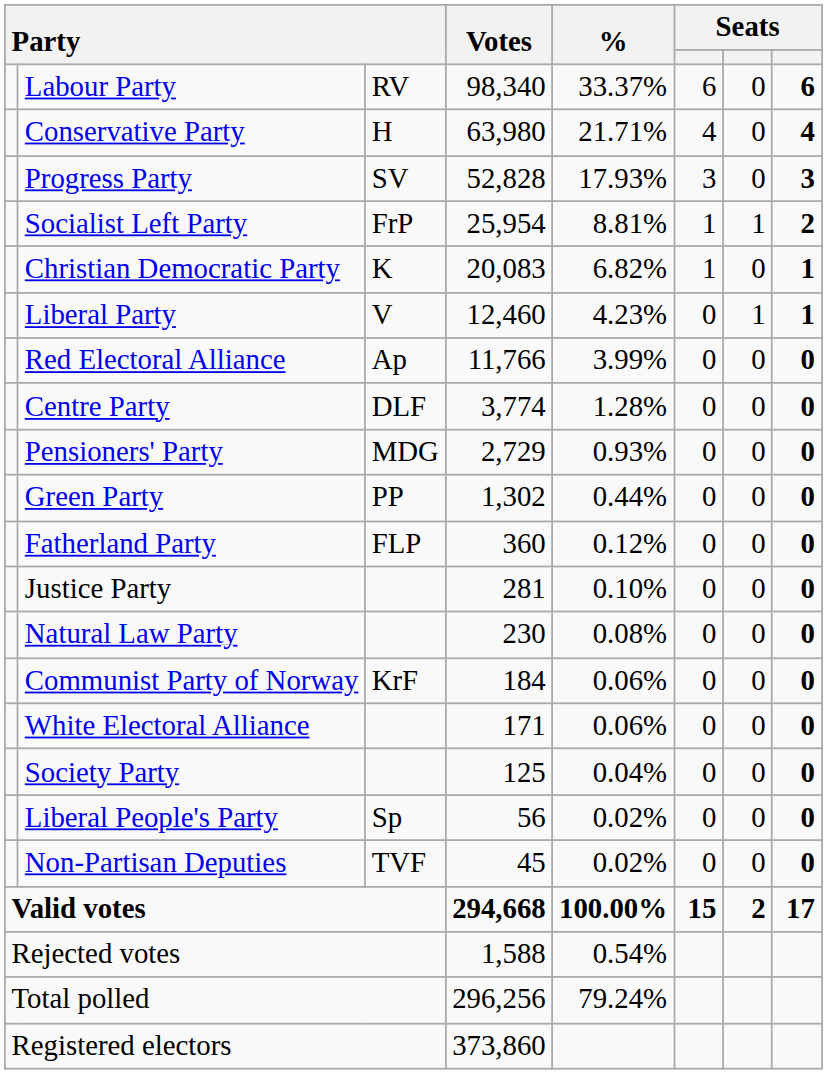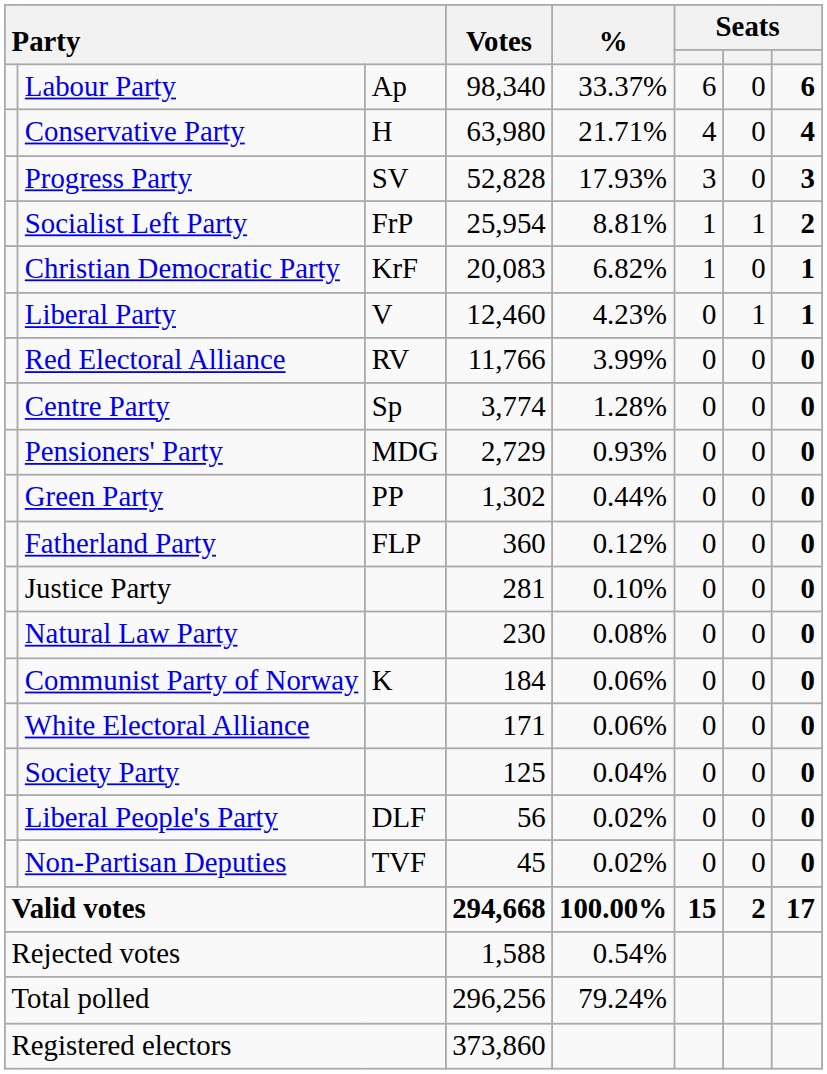 <table class="wikitable" border="1" style="text-align:right;">
 <tr>
 <th style="text-align:left;" valign=bottom rowspan=2 colspan=3>Party</th>
 <th align=center valign=bottom rowspan=2 width="50">Votes</th>
 <th align=center valign=bottom rowspan=2 width="50">%</th>
 <th colspan=3>Seats</th>
 </tr>
 <tr>
 <th align=center valign=bottom width="20"><small></small></th>
 <th align=center valign=bottom width="20"><small><a href='#'></a></small></th>
 <th align=center valign=bottom width="20"><small></small></th>
 </tr>
 <tr>
 <td style="color:inherit;background:"></td>
 <td align=left><a href='#'>Labour Party</a></td>
-<td align=left>RV</td>
+<td align=left>Ap</td>
 <td>98,340</td>
 <td>33.37%</td>
 <td>6</td>
 <td>0</td>
 <td><strong>6</strong></td>
 </tr>
 <tr>
 <td style="color:inherit;background:"></td>
 <td align=left><a href='#'>Conservative Party</a></td>
 <td align=left>H</td>
 <td>63,980</td>
 <td>21.71%</td>
 <td>4</td>
 <td>0</td>
 <td><strong>4</strong></td>
 </tr>
 <tr>
 <td style="color:inherit;background:"></td>
 <td align=left><a href='#'>Progress Party</a></td>
 <td align=left>SV</td>
 <td>52,828</td>
 <td>17.93%</td>
 <td>3</td>
 <td>0</td>
 <td><strong>3</strong></td>
 </tr>
 <tr>
 <td style="color:inherit;background:"></td>
 <td align=left><a href='#'>Socialist Left Party</a></td>
 <td align=left>FrP</td>
 <td>25,954</td>
 <td>8.81%</td>
 <td>1</td>
 <td>1</td>
 <td><strong>2</strong></td>
 </tr>
 <tr>
 <td style="color:inherit;background:"></td>
 <td align=left><a href='#'>Christian Democratic Party</a></td>
-<td align=left>K</td>
+<td align=left>KrF</td>
 <td>20,083</td>
 <td>6.82%</td>
 <td>1</td>
 <td>0</td>
 <td><strong>1</strong></td>
 </tr>
 <tr>
 <td style="color:inherit;background:"></td>
 <td align=left><a href='#'>Liberal Party</a></td>
 <td align=left>V</td>
 <td>12,460</td>
 <td>4.23%</td>
 <td>0</td>
 <td>1</td>
 <td><strong>1</strong></td>
 </tr>
 <tr>
 <td style="color:inherit;background:"></td>
 <td align=left><a href='#'>Red Electoral Alliance</a></td>
-<td align=left>Ap</td>
+<td align=left>RV</td>
 <td>11,766</td>
 <td>3.99%</td>
 <td>0</td>
 <td>0</td>
 <td><strong>0</strong></td>
 </tr>
 <tr>
 <td style="color:inherit;background:"></td>
 <td align=left><a href='#'>Centre Party</a></td>
-<td align=left>DLF</td>
+<td align=left>Sp</td>
 <td>3,774</td>
 <td>1.28%</td>
 <td>0</td>
 <td>0</td>
 <td><strong>0</strong></td>
 </tr>
 <tr>
 <td style="color:inherit;background:"></td>
 <td align=left><a href='#'>Pensioners' Party</a></td>
 <td align=left>MDG</td>
 <td>2,729</td>
 <td>0.93%</td>
 <td>0</td>
 <td>0</td>
 <td><strong>0</strong></td>
 </tr>
 <tr>
 <td style="color:inherit;background:"></td>
 <td align=left><a href='#'>Green Party</a></td>
 <td align=left>PP</td>
 <td>1,302</td>
 <td>0.44%</td>
 <td>0</td>
 <td>0</td>
 <td><strong>0</strong></td>
 </tr>
 <tr>
 <td style="color:inherit;background:"></td>
 <td align=left><a href='#'>Fatherland Party</a></td>
 <td align=left>FLP</td>
 <td>360</td>
 <td>0.12%</td>
 <td>0</td>
 <td>0</td>
 <td><strong>0</strong></td>
 </tr>
 <tr>
 <td></td>
 <td align=left>Justice Party</td>
 <td align=left></td>
 <td>281</td>
 <td>0.10%</td>
 <td>0</td>
 <td>0</td>
 <td><strong>0</strong></td>
 </tr>
 <tr>
 <td></td>
 <td align=left><a href='#'>Natural Law Party</a></td>
 <td align=left></td>
 <td>230</td>
 <td>0.08%</td>
 <td>0</td>
 <td>0</td>
 <td><strong>0</strong></td>
 </tr>
 <tr>
 <td style="color:inherit;background:"></td>
 <td align=left><a href='#'>Communist Party of Norway</a></td>
-<td align=left>KrF</td>
+<td align=left>K</td>
 <td>184</td>
 <td>0.06%</td>
 <td>0</td>
 <td>0</td>
 <td><strong>0</strong></td>
 </tr>
 <tr>
 <td style="color:inherit;background:"></td>
 <td align=left><a href='#'>White Electoral Alliance</a></td>
 <td align=left></td>
 <td>171</td>
 <td>0.06%</td>
 <td>0</td>
 <td>0</td>
 <td><strong>0</strong></td>
 </tr>
 <tr>
 <td style="color:inherit;background:"></td>
 <td align=left><a href='#'>Society Party</a></td>
 <td align=left></td>
 <td>125</td>
 <td>0.04%</td>
 <td>0</td>
 <td>0</td>
 <td><strong>0</strong></td>
 </tr>
 <tr>
 <td style="color:inherit;background:"></td>
 <td align=left><a href='#'>Liberal People's Party</a></td>
-<td align=left>Sp</td>
+<td align=left>DLF</td>
 <td>56</td>
 <td>0.02%</td>
 <td>0</td>
 <td>0</td>
 <td><strong>0</strong></td>
 </tr>
 <tr>
 <td></td>
 <td align=left><a href='#'>Non-Partisan Deputies</a></td>
 <td align=left>TVF</td>
 <td>45</td>
 <td>0.02%</td>
 <td>0</td>
 <td>0</td>
 <td><strong>0</strong></td>
 </tr>
 <tr style="font-weight:bold">
 <td align=left colspan=3>Valid votes</td>
 <td>294,668</td>
 <td>100.00%</td>
 <td>15</td>
 <td>2</td>
 <td>17</td>
 </tr>
 <tr>
 <td align=left colspan=3>Rejected votes</td>
 <td>1,588</td>
 <td>0.54%</td>
 <td></td>
 <td></td>
 <td></td>
 </tr>
 <tr>
 <td align=left colspan=3>Total polled</td>
 <td>296,256</td>
 <td>79.24%</td>
 <td></td>
 <td></td>
 <td></td>
 </tr>
 <tr>
 <td align=left colspan=3>Registered electors</td>
 <td>373,860</td>
 <td></td>
 <td></td>
 <td></td>
 <td></td>
 </tr>
 </table>
